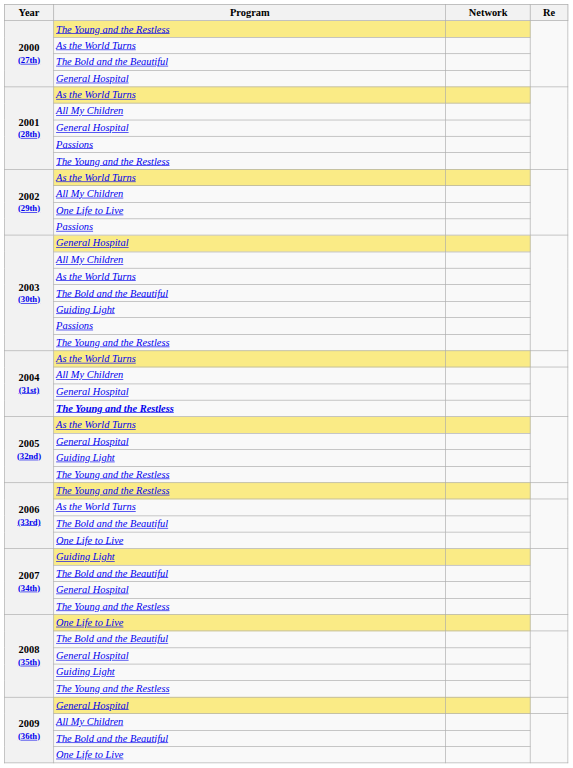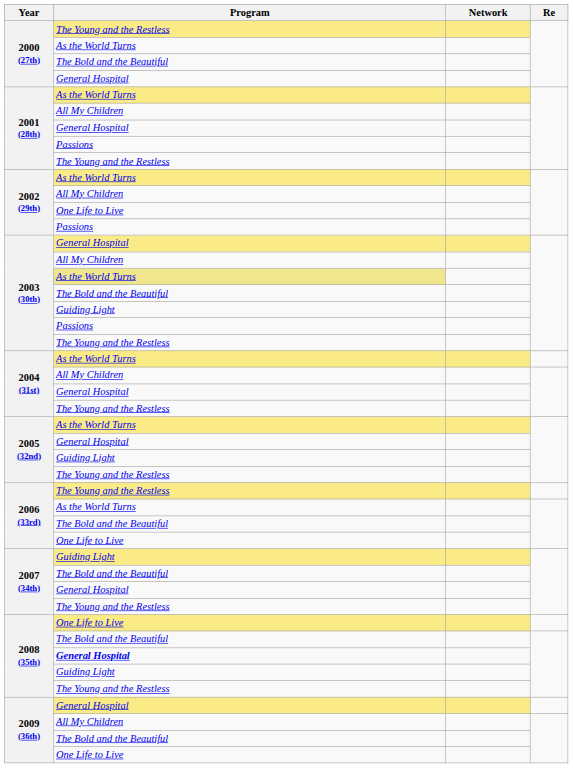 <table class="wikitable sortable">
 <tr style="background:#bebebe;">
 <th style="width:1%;" scope="col">Year</th>
 <th style="width:15%;" scope="col">Program</th>
 <th style="width:2%;" scope="col">Network</th>
 <th style="width:1%;" scope="col" class="unsortable">Re</th>
 </tr>
 <tr>
 <th scope="row" rowspan=4 style="text-align:center">2000 <br><small><a href='#'>(27th)</a></small></th>
 <td style="background:#FAEB86"><em><a href='#'>The Young and the Restless</a></em></td>
 <td style="background:#FAEB86"></td>
 <td rowspan=4></td>
 </tr>
 <tr>
 <td><em><a href='#'>As the World Turns</a></em></td>
 <td></td>
 </tr>
 <tr>
 <td><em><a href='#'>The Bold and the Beautiful</a></em></td>
 <td></td>
 </tr>
 <tr>
 <td><em><a href='#'>General Hospital</a></em></td>
 <td></td>
 </tr>
 <tr>
 <th scope="row" rowspan=5 style="text-align:center">2001 <br><small><a href='#'>(28th)</a></small></th>
 <td style="background:#FAEB86"><em><a href='#'>As the World Turns</a></em></td>
 <td style="background:#FAEB86"></td>
 <td rowspan=5></td>
 </tr>
 <tr>
 <td><em><a href='#'>All My Children</a></em></td>
 <td></td>
 </tr>
 <tr>
 <td><em><a href='#'>General Hospital</a></em></td>
 <td></td>
 </tr>
 <tr>
 <td><em><a href='#'>Passions</a></em></td>
 <td></td>
 </tr>
 <tr>
 <td><em><a href='#'>The Young and the Restless</a></em></td>
 <td></td>
 </tr>
 <tr>
 <th scope="row" rowspan=4 style="text-align:center">2002 <br><small><a href='#'>(29th)</a></small></th>
 <td style="background:#FAEB86"><em><a href='#'>As the World Turns</a></em></td>
 <td style="background:#FAEB86"></td>
 <td rowspan=4></td>
 </tr>
 <tr>
 <td><em><a href='#'>All My Children</a></em></td>
 <td></td>
 </tr>
 <tr>
 <td><em><a href='#'>One Life to Live</a></em></td>
 <td></td>
 </tr>
 <tr>
 <td><em><a href='#'>Passions</a></em></td>
 <td></td>
 </tr>
 <tr>
 <th scope="row" rowspan=7 style="text-align:center">2003 <br><small><a href='#'>(30th)</a></small></th>
 <td style="background:#FAEB86"><em><a href='#'>General Hospital</a></em></td>
 <td style="background:#FAEB86"></td>
 <td rowspan=7></td>
 </tr>
 <tr>
 <td><em><a href='#'>All My Children</a></em></td>
 <td></td>
 </tr>
 <tr>
-<td><em><a href='#'>As the World Turns</a></em></td>
+<td style="background: khaki;"><em><a href='#'>As the World Turns</a></em></td>
 <td></td>
 </tr>
 <tr>
 <td><em><a href='#'>The Bold and the Beautiful</a></em></td>
 <td></td>
 </tr>
 <tr>
 <td><em><a href='#'>Guiding Light</a></em></td>
 <td></td>
 </tr>
 <tr>
 <td><em><a href='#'>Passions</a></em></td>
 <td></td>
 </tr>
 <tr>
 <td><em><a href='#'>The Young and the Restless</a></em></td>
 <td></td>
 </tr>
 <tr>
 <th scope="row" rowspan=4 style="text-align:center">2004 <br><small><a href='#'>(31st)</a></small></th>
 <td style="background:#FAEB86"><em><a href='#'>As the World Turns</a></em></td>
 <td style="background:#FAEB86"></td>
 <td></td>
 </tr>
 <tr>
 <td><em><a href='#'>All My Children</a></em></td>
 <td></td>
 <td rowspan=3></td>
 </tr>
 <tr>
 <td><em><a href='#'>General Hospital</a></em></td>
 <td></td>
 </tr>
 <tr>
-<td><strong><em><a href='#'>The Young and the Restless</a></em></strong></td>
+<td><em><a href='#'>The Young and the Restless</a></em></td>
 <td></td>
 </tr>
 <tr>
 <th scope="row" rowspan=4 style="text-align:center">2005 <br><small><a href='#'>(32nd)</a></small></th>
 <td style="background:#FAEB86"><em><a href='#'>As the World Turns</a></em></td>
 <td style="background:#FAEB86"></td>
 <td rowspan=4></td>
 </tr>
 <tr>
 <td><em><a href='#'>General Hospital</a></em></td>
 <td></td>
 </tr>
 <tr>
 <td><em><a href='#'>Guiding Light</a></em></td>
 <td></td>
 </tr>
 <tr>
 <td><em><a href='#'>The Young and the Restless</a></em></td>
 <td></td>
 </tr>
 <tr>
 <th scope="row" rowspan=4 style="text-align:center">2006 <br><small><a href='#'>(33rd)</a></small></th>
 <td style="background:#FAEB86"><em><a href='#'>The Young and the Restless</a></em></td>
 <td style="background:#FAEB86"></td>
 <td></td>
 </tr>
 <tr>
 <td><em><a href='#'>As the World Turns</a></em></td>
 <td></td>
 <td rowspan=3></td>
 </tr>
 <tr>
 <td><em><a href='#'>The Bold and the Beautiful</a></em></td>
 <td></td>
 </tr>
 <tr>
 <td><em><a href='#'>One Life to Live</a></em></td>
 <td></td>
 </tr>
 <tr>
 <th scope="row" rowspan=4 style="text-align:center">2007 <br><small><a href='#'>(34th)</a></small></th>
 <td style="background:#FAEB86"><em><a href='#'>Guiding Light</a></em></td>
 <td style="background:#FAEB86"></td>
 <td rowspan=4></td>
 </tr>
 <tr>
 <td><em><a href='#'>The Bold and the Beautiful</a></em></td>
 <td></td>
 </tr>
 <tr>
 <td><em><a href='#'>General Hospital</a></em></td>
 <td></td>
 </tr>
 <tr>
 <td><em><a href='#'>The Young and the Restless</a></em></td>
 <td></td>
 </tr>
 <tr>
 <th scope="row" rowspan=5 style="text-align:center">2008 <br><small><a href='#'>(35th)</a></small></th>
 <td style="background:#FAEB86"><em><a href='#'>One Life to Live</a></em></td>
 <td style="background:#FAEB86"></td>
 <td></td>
 </tr>
 <tr>
 <td><em><a href='#'>The Bold and the Beautiful</a></em></td>
 <td></td>
 <td rowspan=4></td>
 </tr>
 <tr>
-<td><em><a href='#'>General Hospital</a></em></td>
+<td><strong><em><a href='#'>General Hospital</a></em></strong></td>
 <td></td>
 </tr>
 <tr>
 <td><em><a href='#'>Guiding Light</a></em></td>
 <td></td>
 </tr>
 <tr>
 <td><em><a href='#'>The Young and the Restless</a></em></td>
 <td></td>
 </tr>
 <tr>
 <th scope="row" rowspan=4 style="text-align:center">2009 <br><small><a href='#'>(36th)</a></small></th>
 <td style="background:#FAEB86"><em><a href='#'>General Hospital</a></em></td>
 <td style="background:#FAEB86"></td>
 <td></td>
 </tr>
 <tr>
 <td><em><a href='#'>All My Children</a></em></td>
 <td></td>
 <td rowspan=3></td>
 </tr>
 <tr>
 <td><em><a href='#'>The Bold and the Beautiful</a></em></td>
 <td></td>
 </tr>
 <tr>
 <td><em><a href='#'>One Life to Live</a></em></td>
 <td></td>
 </tr>
 </table>
